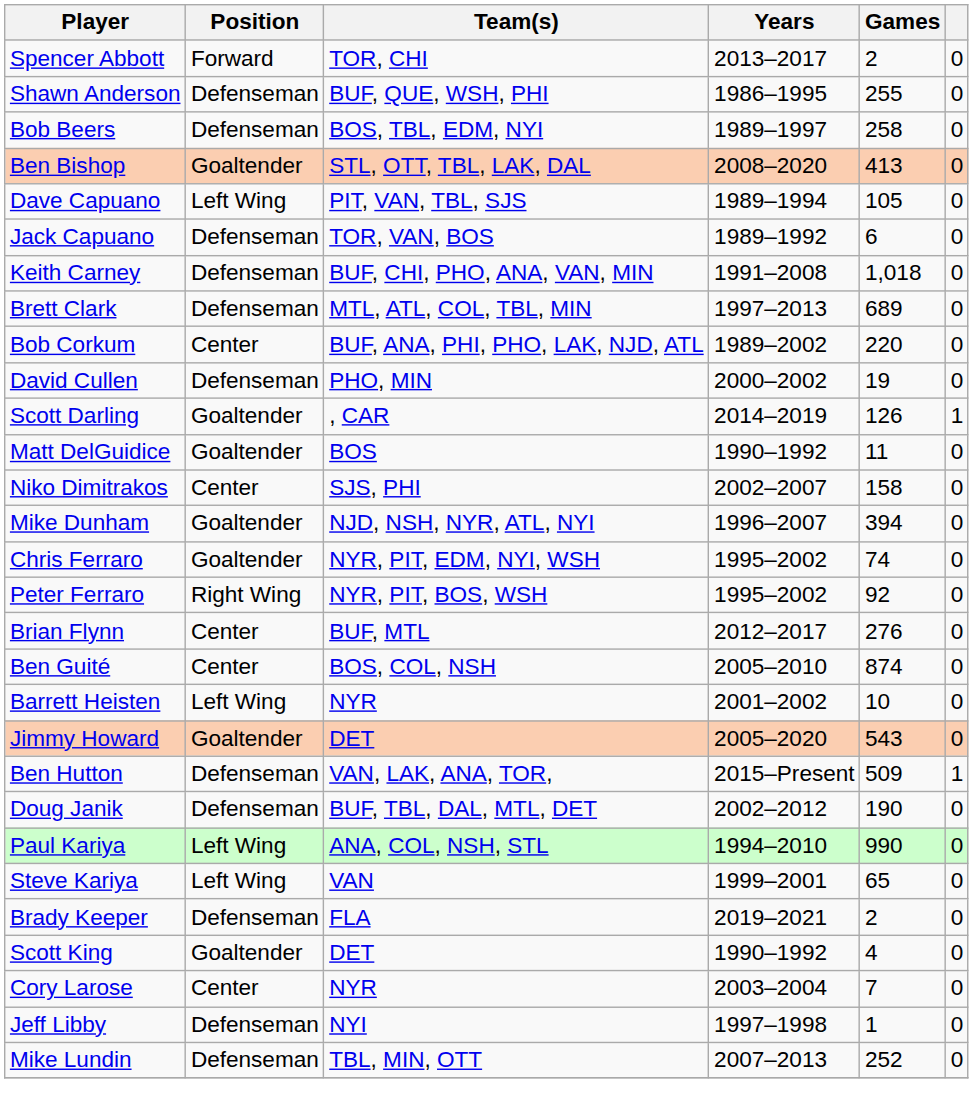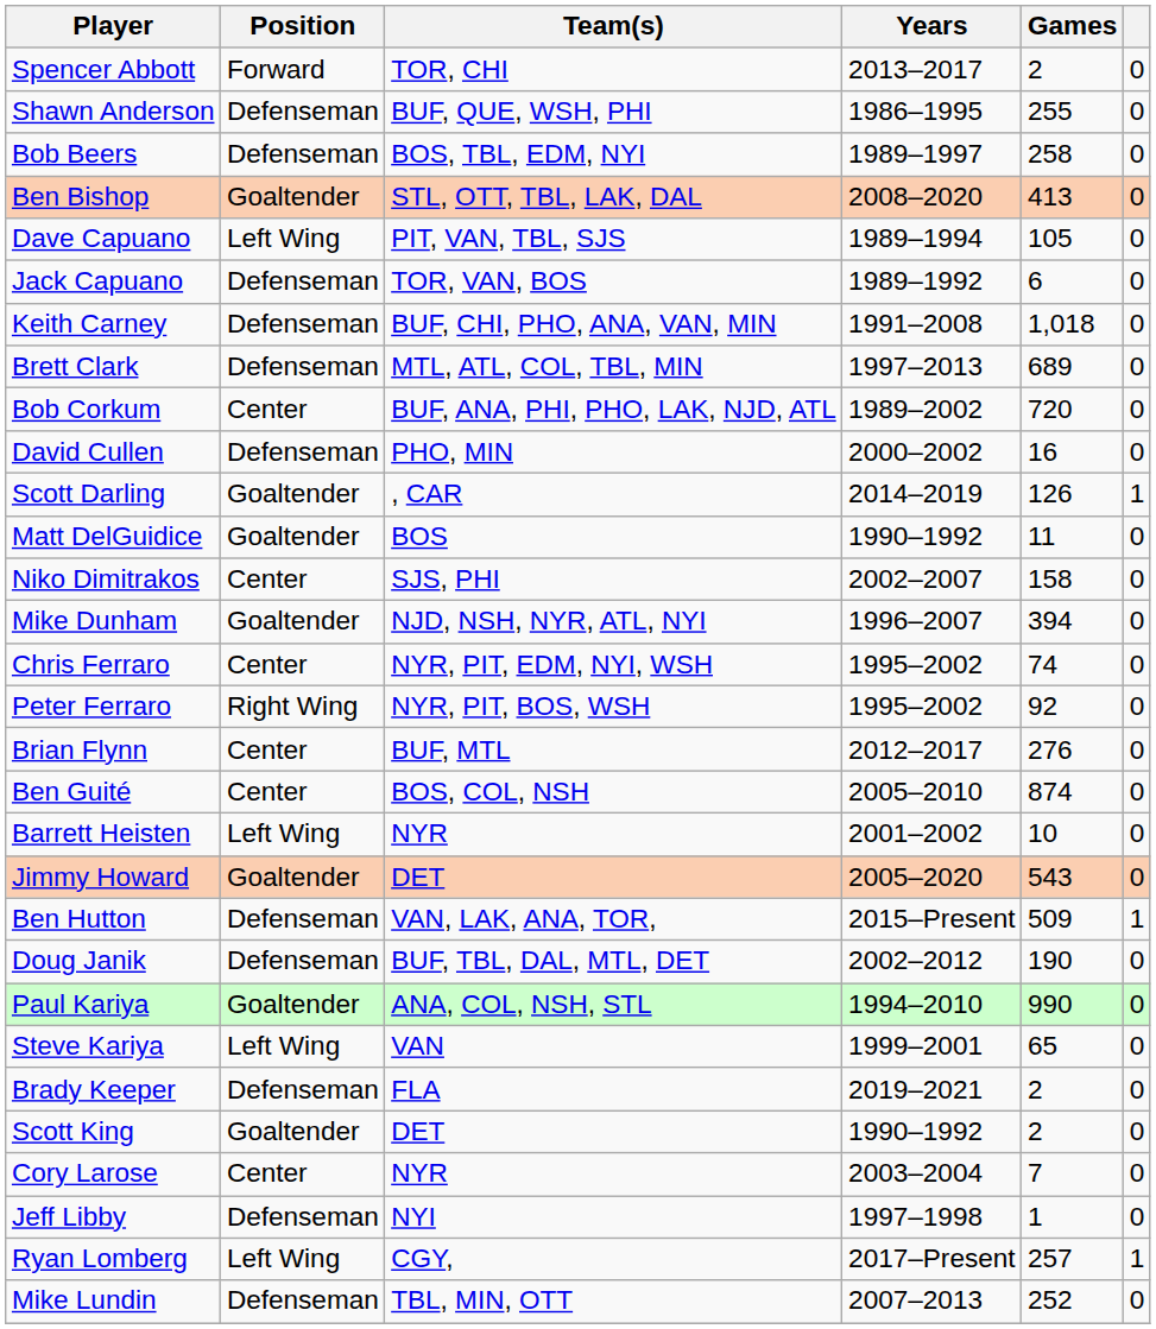 <table class="wikitable sortable">
 <tr>
 <th>Player</th>
 <th>Position</th>
 <th>Team(s)</th>
 <th>Years</th>
 <th>Games</th>
 <th><a href='#'></a></th>
 </tr>
 <tr>
 <td><a href='#'>Spencer Abbott</a></td>
 <td>Forward</td>
 <td><a href='#'>TOR</a>, <a href='#'>CHI</a></td>
 <td>2013–2017</td>
 <td>2</td>
 <td>0</td>
 </tr>
 <tr>
 <td><a href='#'>Shawn Anderson</a></td>
 <td>Defenseman</td>
 <td><a href='#'>BUF</a>, <a href='#'>QUE</a>, <a href='#'>WSH</a>, <a href='#'>PHI</a></td>
 <td>1986–1995</td>
 <td>255</td>
 <td>0</td>
 </tr>
 <tr>
 <td><a href='#'>Bob Beers</a></td>
 <td>Defenseman</td>
 <td><a href='#'>BOS</a>, <a href='#'>TBL</a>, <a href='#'>EDM</a>, <a href='#'>NYI</a></td>
 <td>1989–1997</td>
 <td>258</td>
 <td>0</td>
 </tr>
 <tr bgcolor=FBCEB1>
 <td><a href='#'>Ben Bishop</a></td>
 <td>Goaltender</td>
 <td><a href='#'>STL</a>, <a href='#'>OTT</a>, <a href='#'>TBL</a>, <a href='#'>LAK</a>, <a href='#'>DAL</a></td>
 <td>2008–2020</td>
 <td>413</td>
 <td>0</td>
 </tr>
 <tr>
 <td><a href='#'>Dave Capuano</a></td>
 <td>Left Wing</td>
 <td><a href='#'>PIT</a>, <a href='#'>VAN</a>, <a href='#'>TBL</a>, <a href='#'>SJS</a></td>
 <td>1989–1994</td>
 <td>105</td>
 <td>0</td>
 </tr>
 <tr>
 <td><a href='#'>Jack Capuano</a></td>
 <td>Defenseman</td>
 <td><a href='#'>TOR</a>, <a href='#'>VAN</a>, <a href='#'>BOS</a></td>
 <td>1989–1992</td>
 <td>6</td>
 <td>0</td>
 </tr>
 <tr>
 <td><a href='#'>Keith Carney</a></td>
 <td>Defenseman</td>
 <td><a href='#'>BUF</a>, <a href='#'>CHI</a>, <a href='#'>PHO</a>, <a href='#'>ANA</a>, <a href='#'>VAN</a>, <a href='#'>MIN</a></td>
 <td>1991–2008</td>
 <td>1,018</td>
 <td>0</td>
 </tr>
 <tr>
 <td><a href='#'>Brett Clark</a></td>
 <td>Defenseman</td>
 <td><a href='#'>MTL</a>, <a href='#'>ATL</a>, <a href='#'>COL</a>, <a href='#'>TBL</a>, <a href='#'>MIN</a></td>
 <td>1997–2013</td>
 <td>689</td>
 <td>0</td>
 </tr>
 <tr>
 <td><a href='#'>Bob Corkum</a></td>
 <td>Center</td>
 <td><a href='#'>BUF</a>, <a href='#'>ANA</a>, <a href='#'>PHI</a>, <a href='#'>PHO</a>, <a href='#'>LAK</a>, <a href='#'>NJD</a>, <a href='#'>ATL</a></td>
 <td>1989–2002</td>
-<td>220</td>
+<td>720</td>
 <td>0</td>
 </tr>
 <tr>
 <td><a href='#'>David Cullen</a></td>
 <td>Defenseman</td>
 <td><a href='#'>PHO</a>, <a href='#'>MIN</a></td>
 <td>2000–2002</td>
-<td>19</td>
+<td>16</td>
 <td>0</td>
 </tr>
 <tr>
 <td><a href='#'>Scott Darling</a></td>
 <td>Goaltender</td>
 <td><span><strong></strong></span>, <a href='#'>CAR</a></td>
 <td>2014–2019</td>
 <td>126</td>
 <td>1</td>
 </tr>
 <tr>
 <td><a href='#'>Matt DelGuidice</a></td>
 <td>Goaltender</td>
 <td><a href='#'>BOS</a></td>
 <td>1990–1992</td>
 <td>11</td>
 <td>0</td>
 </tr>
 <tr>
 <td><a href='#'>Niko Dimitrakos</a></td>
 <td>Center</td>
 <td><a href='#'>SJS</a>, <a href='#'>PHI</a></td>
 <td>2002–2007</td>
 <td>158</td>
 <td>0</td>
 </tr>
 <tr>
 <td><a href='#'>Mike Dunham</a></td>
 <td>Goaltender</td>
 <td><a href='#'>NJD</a>, <a href='#'>NSH</a>, <a href='#'>NYR</a>, <a href='#'>ATL</a>, <a href='#'>NYI</a></td>
 <td>1996–2007</td>
 <td>394</td>
 <td>0</td>
 </tr>
 <tr>
 <td><a href='#'>Chris Ferraro</a></td>
-<td>Goaltender</td>
+<td>Center</td>
 <td><a href='#'>NYR</a>, <a href='#'>PIT</a>, <a href='#'>EDM</a>, <a href='#'>NYI</a>, <a href='#'>WSH</a></td>
 <td>1995–2002</td>
 <td>74</td>
 <td>0</td>
 </tr>
 <tr>
 <td><a href='#'>Peter Ferraro</a></td>
 <td>Right Wing</td>
 <td><a href='#'>NYR</a>, <a href='#'>PIT</a>, <a href='#'>BOS</a>, <a href='#'>WSH</a></td>
 <td>1995–2002</td>
 <td>92</td>
 <td>0</td>
 </tr>
 <tr>
 <td><a href='#'>Brian Flynn</a></td>
 <td>Center</td>
 <td><a href='#'>BUF</a>, <a href='#'>MTL</a></td>
 <td>2012–2017</td>
 <td>276</td>
 <td>0</td>
 </tr>
 <tr>
 <td><a href='#'>Ben Guité</a></td>
 <td>Center</td>
 <td><a href='#'>BOS</a>, <a href='#'>COL</a>, <a href='#'>NSH</a></td>
 <td>2005–2010</td>
 <td>874</td>
 <td>0</td>
 </tr>
 <tr>
 <td><a href='#'>Barrett Heisten</a></td>
 <td>Left Wing</td>
 <td><a href='#'>NYR</a></td>
 <td>2001–2002</td>
 <td>10</td>
 <td>0</td>
 </tr>
 <tr bgcolor=FBCEB1>
 <td><a href='#'>Jimmy Howard</a></td>
 <td>Goaltender</td>
 <td><a href='#'>DET</a></td>
 <td>2005–2020</td>
 <td>543</td>
 <td>0</td>
 </tr>
 <tr>
 <td><a href='#'>Ben Hutton</a></td>
 <td>Defenseman</td>
 <td><a href='#'>VAN</a>, <a href='#'>LAK</a>, <a href='#'>ANA</a>, <a href='#'>TOR</a>, <span><strong></strong></span></td>
 <td>2015–Present</td>
 <td>509</td>
 <td>1</td>
 </tr>
 <tr>
 <td><a href='#'>Doug Janik</a></td>
 <td>Defenseman</td>
 <td><a href='#'>BUF</a>, <a href='#'>TBL</a>, <a href='#'>DAL</a>, <a href='#'>MTL</a>, <a href='#'>DET</a></td>
 <td>2002–2012</td>
 <td>190</td>
 <td>0</td>
 </tr>
 <tr bgcolor=CCFFCC>
 <td><a href='#'>Paul Kariya</a></td>
-<td>Left Wing</td>
+<td>Goaltender</td>
 <td><a href='#'>ANA</a>, <a href='#'>COL</a>, <a href='#'>NSH</a>, <a href='#'>STL</a></td>
 <td>1994–2010</td>
 <td>990</td>
 <td>0</td>
 </tr>
 <tr>
 <td><a href='#'>Steve Kariya</a></td>
 <td>Left Wing</td>
 <td><a href='#'>VAN</a></td>
 <td>1999–2001</td>
 <td>65</td>
 <td>0</td>
 </tr>
 <tr>
 <td><a href='#'>Brady Keeper</a></td>
 <td>Defenseman</td>
 <td><a href='#'>FLA</a></td>
 <td>2019–2021</td>
 <td>2</td>
 <td>0</td>
 </tr>
 <tr>
 <td><a href='#'>Scott King</a></td>
 <td>Goaltender</td>
 <td><a href='#'>DET</a></td>
 <td>1990–1992</td>
-<td>4</td>
+<td>2</td>
 <td>0</td>
 </tr>
 <tr>
 <td><a href='#'>Cory Larose</a></td>
 <td>Center</td>
 <td><a href='#'>NYR</a></td>
 <td>2003–2004</td>
 <td>7</td>
 <td>0</td>
 </tr>
 <tr>
 <td><a href='#'>Jeff Libby</a></td>
 <td>Defenseman</td>
 <td><a href='#'>NYI</a></td>
 <td>1997–1998</td>
 <td>1</td>
 <td>0</td>
 </tr>
 <tr>
+<td><a href='#'>Ryan Lomberg</a></td>
+<td>Left Wing</td>
+<td><a href='#'>CGY</a>, <span><strong></strong></span></td>
+<td>2017–Present</td>
+<td>257</td>
+<td>1</td>
+</tr>
+<tr>
 <td><a href='#'>Mike Lundin</a></td>
 <td>Defenseman</td>
 <td><a href='#'>TBL</a>, <a href='#'>MIN</a>, <a href='#'>OTT</a></td>
 <td>2007–2013</td>
 <td>252</td>
 <td>0</td>
 </tr>
 <tr>
 </tr>
 </table>
